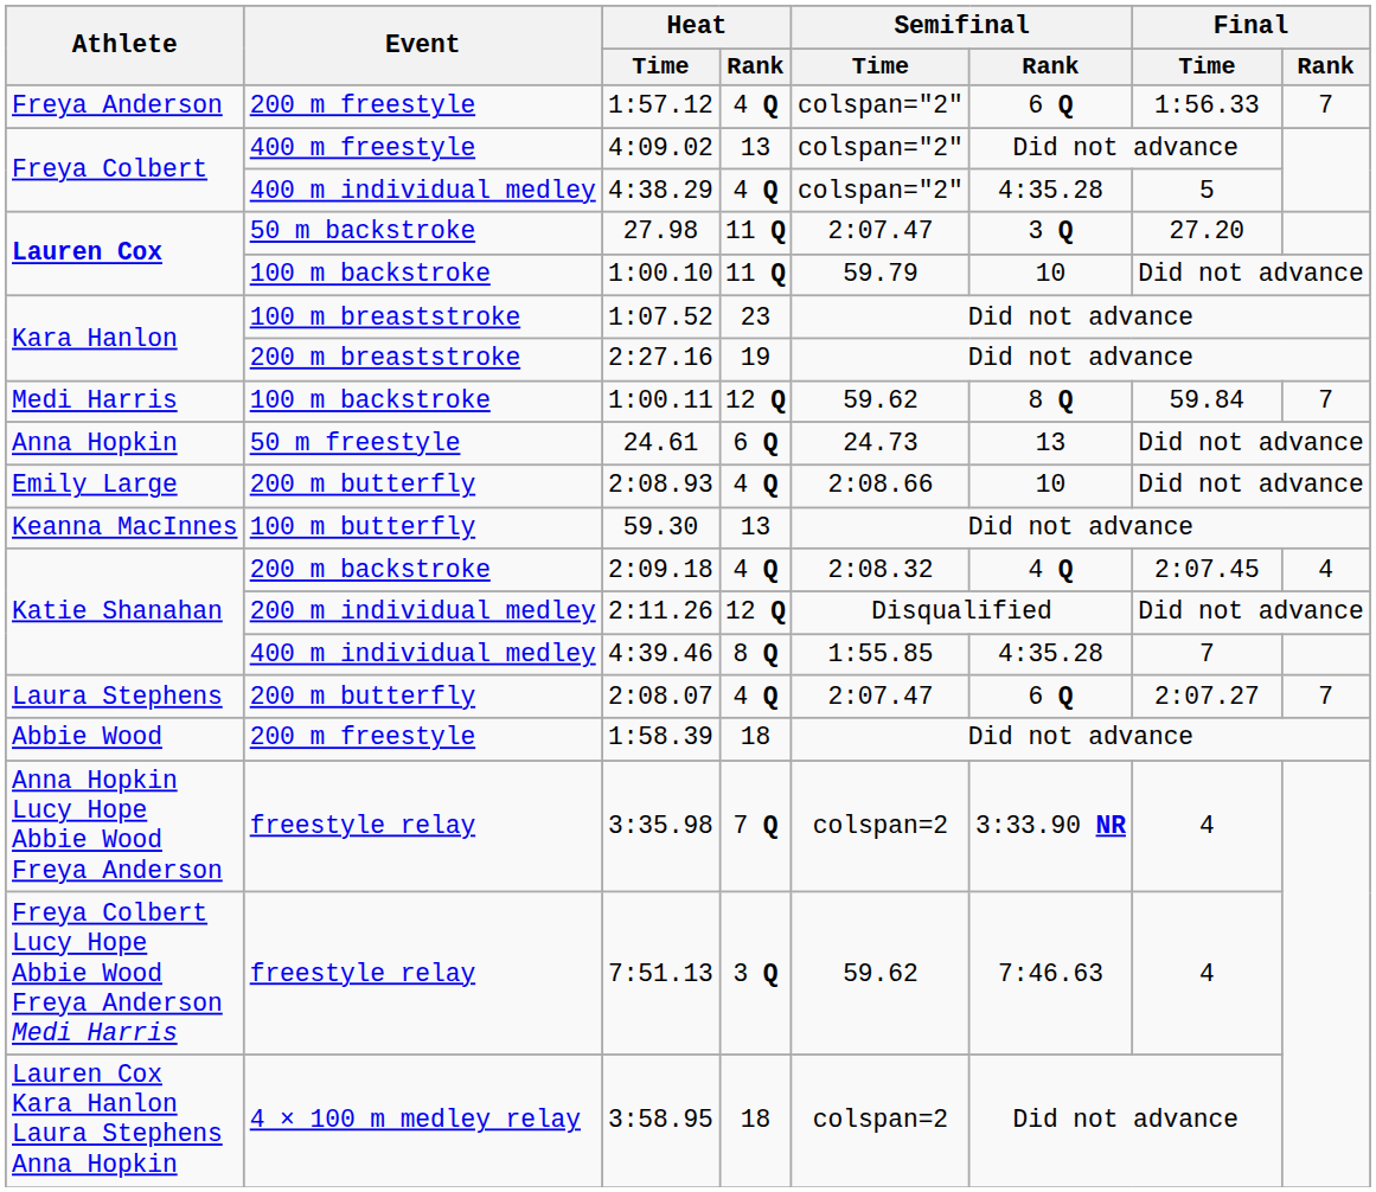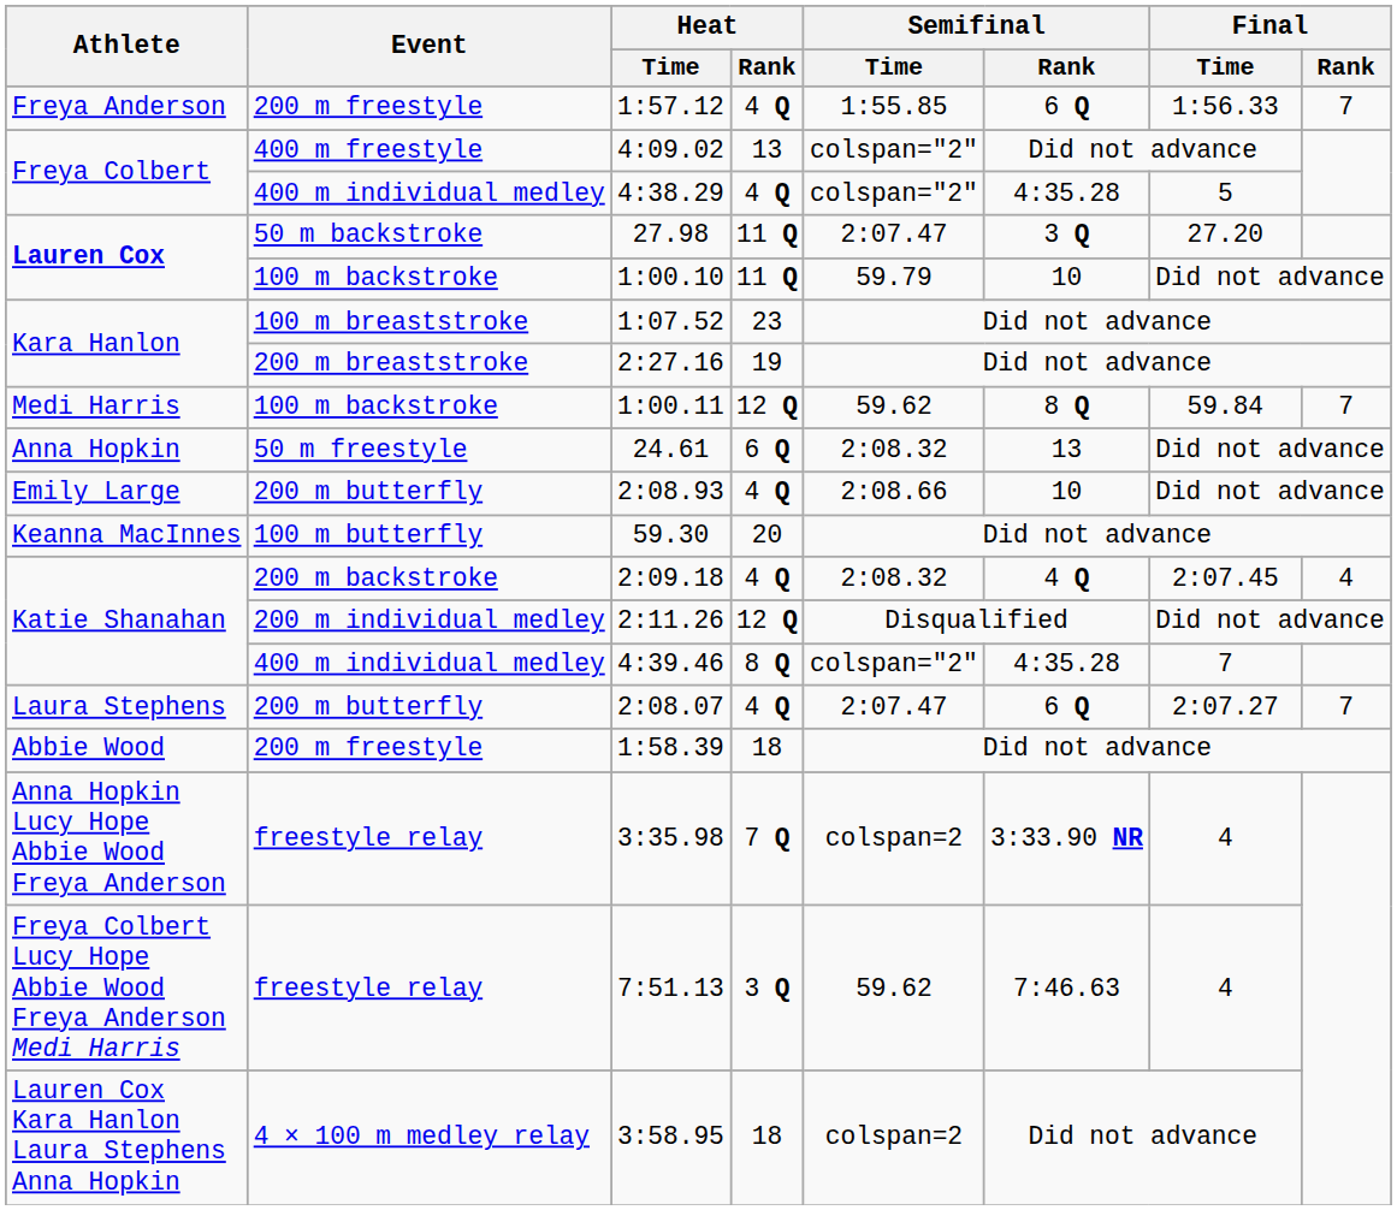 <table class="wikitable" style="text-align:center; font-size:90%">
 <tr>
 <th rowspan="2">Athlete</th>
 <th rowspan="2">Event</th>
 <th colspan="2">Heat</th>
 <th colspan="2">Semifinal</th>
 <th colspan="2">Final</th>
 </tr>
 <tr style="font-size:95%">
 <th>Time</th>
 <th>Rank</th>
 <th>Time</th>
 <th>Rank</th>
 <th>Time</th>
 <th>Rank</th>
 </tr>
 <tr>
 <td align=left><a href='#'>Freya Anderson</a></td>
 <td align=left><a href='#'>200 m freestyle</a></td>
 <td>1:57.12</td>
 <td>4 <strong>Q</strong></td>
-<td>colspan="2" </td>
+<td>1:55.85</td>
 <td>6 <strong>Q</strong></td>
 <td>1:56.33</td>
 <td>7</td>
 </tr>
 <tr>
 <td align=left rowspan=2><a href='#'>Freya Colbert</a></td>
 <td align=left><a href='#'>400 m freestyle</a></td>
 <td>4:09.02</td>
 <td>13</td>
 <td>colspan="2" </td>
 <td colspan="2">Did not advance</td>
 </tr>
 <tr>
 <td align=left><a href='#'>400 m individual medley</a></td>
 <td>4:38.29</td>
 <td>4 <strong>Q</strong></td>
 <td>colspan="2" </td>
 <td>4:35.28</td>
 <td>5</td>
 </tr>
 <tr>
 <td align=left rowspan=2><strong><a href='#'>Lauren Cox</a></strong></td>
 <td align=left><a href='#'>50 m backstroke</a></td>
 <td>27.98</td>
 <td>11 <strong>Q</strong></td>
 <td>2:07.47</td>
 <td>3 <strong>Q</strong></td>
 <td>27.20</td>
 <td></td>
 </tr>
 <tr>
 <td align=left><a href='#'>100 m backstroke</a></td>
 <td>1:00.10</td>
 <td>11 <strong>Q</strong></td>
 <td>59.79</td>
 <td>10</td>
 <td colspan="2">Did not advance</td>
 </tr>
 <tr>
 <td align=left rowspan=2><a href='#'>Kara Hanlon</a></td>
 <td align=left><a href='#'>100 m breaststroke</a></td>
 <td>1:07.52</td>
 <td>23</td>
 <td colspan=4>Did not advance</td>
 </tr>
 <tr>
 <td align=left><a href='#'>200 m breaststroke</a></td>
 <td>2:27.16</td>
 <td>19</td>
 <td colspan=4>Did not advance</td>
 </tr>
 <tr>
 <td align=left><a href='#'>Medi Harris</a></td>
 <td align=left><a href='#'>100 m backstroke</a></td>
 <td>1:00.11</td>
 <td>12 <strong>Q</strong></td>
 <td>59.62</td>
 <td>8 <strong>Q</strong></td>
 <td>59.84</td>
 <td>7</td>
 </tr>
 <tr>
 <td align=left><a href='#'>Anna Hopkin</a></td>
 <td align=left><a href='#'>50 m freestyle</a></td>
 <td>24.61</td>
 <td>6 <strong>Q</strong></td>
-<td>24.73</td>
+<td>2:08.32</td>
 <td>13</td>
 <td colspan="2">Did not advance</td>
 </tr>
 <tr>
 <td align=left><a href='#'>Emily Large</a></td>
 <td align=left><a href='#'>200 m butterfly</a></td>
 <td>2:08.93</td>
 <td>4 <strong>Q</strong></td>
 <td>2:08.66</td>
 <td>10</td>
 <td colspan="2">Did not advance</td>
 </tr>
 <tr>
 <td align=left><a href='#'>Keanna MacInnes</a></td>
 <td align=left><a href='#'>100 m butterfly</a></td>
 <td>59.30</td>
-<td>13</td>
+<td>20</td>
 <td colspan=4>Did not advance</td>
 </tr>
 <tr>
 <td align=left rowspan=3><a href='#'>Katie Shanahan</a></td>
 <td align=left><a href='#'>200 m backstroke</a></td>
 <td>2:09.18</td>
 <td>4 <strong>Q</strong></td>
 <td>2:08.32</td>
 <td>4 <strong>Q</strong></td>
 <td>2:07.45</td>
 <td>4</td>
 </tr>
 <tr>
 <td align=left><a href='#'>200 m individual medley</a></td>
 <td>2:11.26</td>
 <td>12 <strong>Q</strong></td>
 <td colspan=2>Disqualified</td>
 <td colspan=2>Did not advance</td>
 </tr>
 <tr>
 <td align=left><a href='#'>400 m individual medley</a></td>
 <td>4:39.46</td>
 <td>8 <strong>Q</strong></td>
-<td>1:55.85</td>
+<td>colspan="2" </td>
 <td>4:35.28</td>
 <td>7</td>
 </tr>
 <tr>
 <td align=left><a href='#'>Laura Stephens</a></td>
 <td align=left><a href='#'>200 m butterfly</a></td>
 <td>2:08.07</td>
 <td>4 <strong>Q</strong></td>
 <td>2:07.47</td>
 <td>6 <strong>Q</strong></td>
 <td>2:07.27</td>
 <td>7</td>
 </tr>
 <tr>
 <td align=left><a href='#'>Abbie Wood</a></td>
 <td align=left><a href='#'>200 m freestyle</a></td>
 <td>1:58.39</td>
 <td>18</td>
 <td colspan=4>Did not advance</td>
 </tr>
 <tr>
 <td align=left><a href='#'>Anna Hopkin</a><br> <a href='#'>Lucy Hope</a><br> <a href='#'>Abbie Wood</a><br> <a href='#'>Freya Anderson</a></td>
 <td align=left><a href='#'> freestyle relay</a></td>
 <td>3:35.98</td>
 <td>7 <strong>Q</strong></td>
 <td>colspan=2 </td>
 <td>3:33.90 <strong><a href='#'>NR</a></strong></td>
 <td>4</td>
 </tr>
 <tr>
 <td align=left><a href='#'>Freya Colbert</a> <br><a href='#'>Lucy Hope</a> <br><a href='#'>Abbie Wood</a><br><a href='#'>Freya Anderson</a><br><em><a href='#'>Medi Harris</a></em></td>
 <td align=left><a href='#'> freestyle relay</a></td>
 <td>7:51.13</td>
 <td>3 <strong>Q</strong></td>
 <td>59.62</td>
 <td>7:46.63</td>
 <td>4</td>
 </tr>
 <tr>
 <td align=left><a href='#'>Lauren Cox</a>  <br><a href='#'>Kara Hanlon</a>  <br><a href='#'>Laura Stephens</a>  <br><a href='#'>Anna Hopkin</a></td>
 <td align=left><a href='#'>4 × 100 m medley relay</a></td>
 <td>3:58.95</td>
 <td>18</td>
 <td>colspan=2 </td>
 <td colspan=2>Did not advance</td>
 </tr>
 </table>
